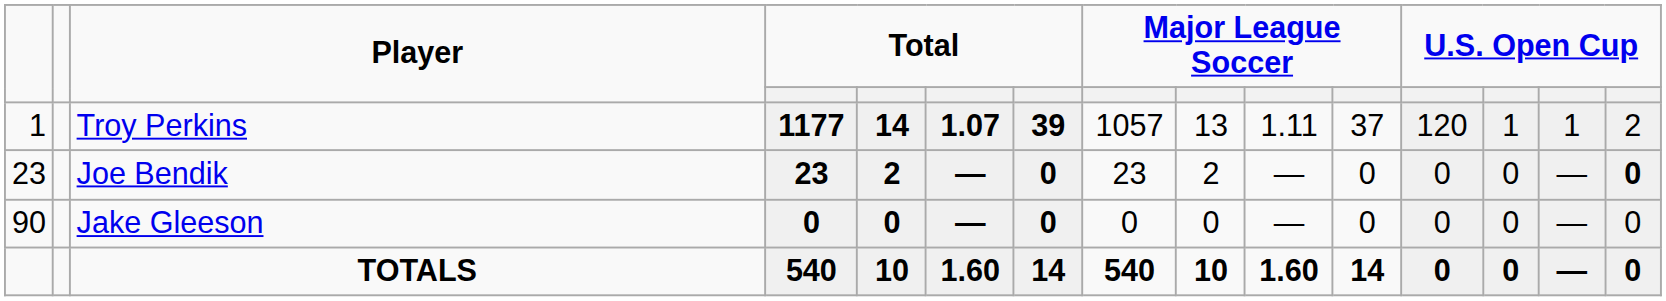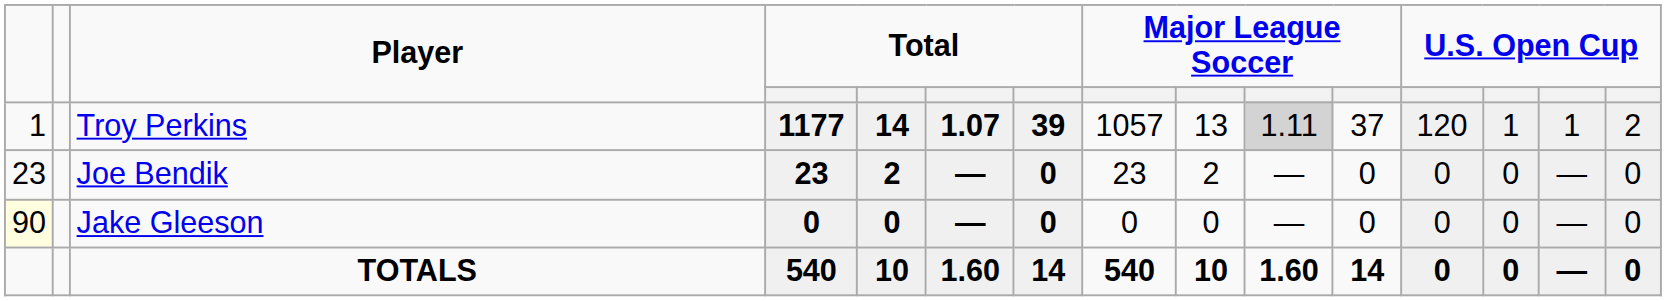 <table class="wikitable" style="text-align:center;">
 <tr>
 <td rowspan="2"  style="width:1%; text-align:center;"><strong></strong></td>
 <td rowspan="2"  style="width:1%; text-align:center;"><strong></strong></td>
 <td rowspan="2"  style="width:42%; text-align:center;"><strong>Player</strong></td>
 <td colspan="4" style="text-align:center;"><strong>Total</strong></td>
 <td colspan="4" style="text-align:center;"><strong><a href='#'>Major League Soccer</a></strong></td>
 <td colspan="4" style="text-align:center;"><strong><a href='#'>U.S. Open Cup</a></strong></td>
 </tr>
 <tr>
 <th width=60></th>
 <th width=60></th>
 <th width=60></th>
 <th width=60></th>
 <th width=60></th>
 <th width=60></th>
 <th width=60></th>
 <th width=60></th>
 <th width=60></th>
 <th width=60></th>
 <th width=60></th>
 <th width=60></th>
 </tr>
 <tr>
 <td style="text-align: right;">1</td>
 <td></td>
 <td style="text-align: left;"><a href='#'>Troy Perkins</a></td>
 <td style="background: #F0F0F0;"><strong>1177</strong></td>
 <td style="background: #F0F0F0;"><strong>14</strong></td>
 <td style="background: #F0F0F0;"><strong>1.07</strong></td>
 <td style="background: #F0F0F0;"><strong>39</strong></td>
 <td>1057</td>
 <td>13</td>
-<td>1.11</td>
+<td style="background: lightgrey;">1.11</td>
 <td>37</td>
 <td style="background: #F0F0F0;">120</td>
 <td style="background: #F0F0F0;">1</td>
 <td style="background: #F0F0F0;">1</td>
 <td style="background: #F0F0F0;">2</td>
 </tr>
 <tr>
 <td style="text-align: right;">23</td>
 <td></td>
 <td style="text-align: left;"><a href='#'>Joe Bendik</a></td>
 <td style="background: #F0F0F0;"><strong>23</strong></td>
 <td style="background: #F0F0F0;"><strong>2</strong></td>
 <td style="background: #F0F0F0;"><strong>—</strong></td>
 <td style="background: #F0F0F0;"><strong>0</strong></td>
 <td>23</td>
 <td>2</td>
 <td>—</td>
 <td>0</td>
 <td style="background: #F0F0F0;">0</td>
 <td style="background: #F0F0F0;">0</td>
 <td style="background: #F0F0F0;">—</td>
-<td style="background: #F0F0F0;"><strong>0</strong></td>
+<td style="background: #F0F0F0;">0</td>
 </tr>
 <tr>
-<td style="text-align: right;">90</td>
+<td style="background: lightyellow; text-align: right;">90</td>
 <td></td>
 <td style="text-align: left;"><a href='#'>Jake Gleeson</a></td>
 <td style="background: #F0F0F0;"><strong>0</strong></td>
 <td style="background: #F0F0F0;"><strong>0</strong></td>
 <td style="background: #F0F0F0;"><strong>—</strong></td>
 <td style="background: #F0F0F0;"><strong>0</strong></td>
 <td>0</td>
 <td>0</td>
 <td>—</td>
 <td>0</td>
 <td style="background: #F0F0F0;">0</td>
 <td style="background: #F0F0F0;">0</td>
 <td style="background: #F0F0F0;">—</td>
 <td style="background: #F0F0F0;">0</td>
 </tr>
 <tr>
 <td></td>
 <td></td>
 <td><strong>TOTALS</strong></td>
 <td style="background: #F0F0F0;"><strong>540</strong></td>
 <td style="background: #F0F0F0;"><strong>10</strong></td>
 <td style="background: #F0F0F0;"><strong>1.60</strong></td>
 <td style="background: #F0F0F0;"><strong>14</strong></td>
 <td><strong>540</strong></td>
 <td><strong>10</strong></td>
 <td><strong>1.60</strong></td>
 <td><strong>14</strong></td>
 <td style="background: #F0F0F0;"><strong>0</strong></td>
 <td style="background: #F0F0F0;"><strong>0</strong></td>
 <td style="background: #F0F0F0;"><strong>—</strong></td>
 <td style="background: #F0F0F0;"><strong>0</strong></td>
 </tr>
 </table>
